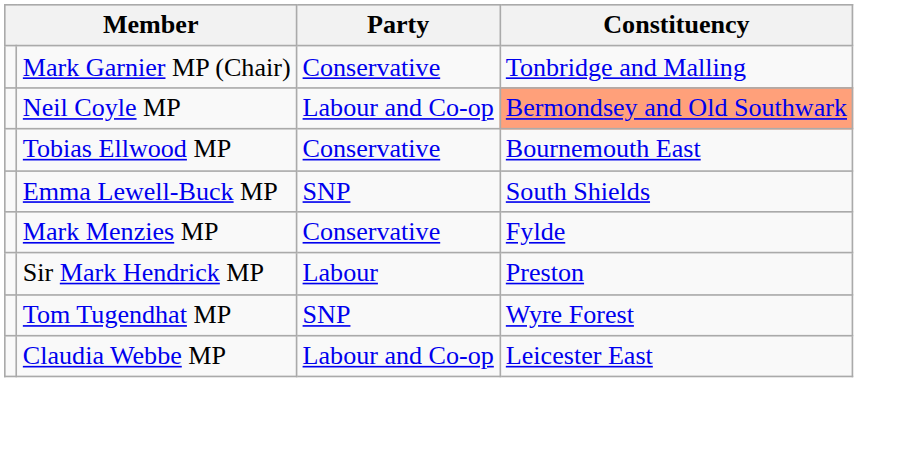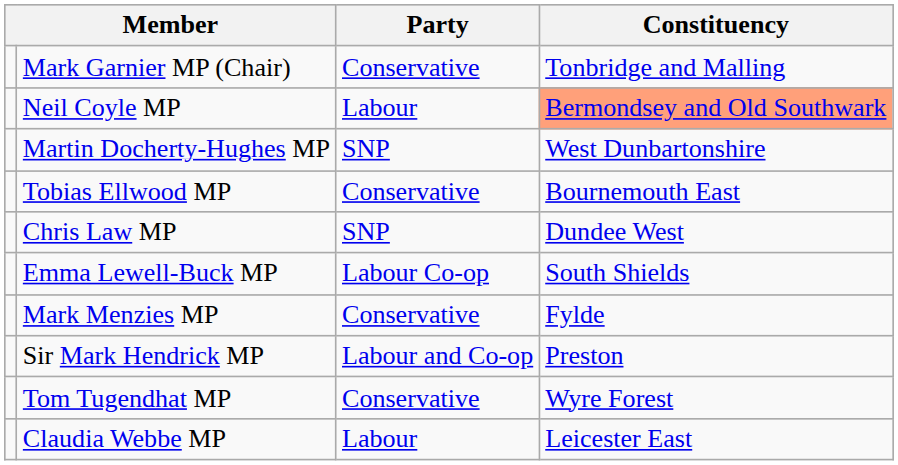 <table class="wikitable">
 <tr>
 <th colspan="2" valign="top">Member</th>
 <th valign="top">Party</th>
 <th valign="top">Constituency</th>
 </tr>
 <tr>
 <td style="color:inherit;background:"></td>
 <td><a href='#'>Mark Garnier</a> MP (Chair)</td>
 <td><a href='#'>Conservative</a></td>
 <td><a href='#'>Tonbridge and Malling</a></td>
 </tr>
 <tr>
 <td style="color:inherit;background:"></td>
 <td><a href='#'>Neil Coyle</a> MP</td>
-<td><a href='#'>Labour and Co-op</a></td>
+<td><a href='#'>Labour</a></td>
 <td style="background: lightsalmon;"><a href='#'>Bermondsey and Old Southwark</a></td>
+</tr>
+<tr>
+<td style="color:inherit;background:"></td>
+<td><a href='#'>Martin Docherty-Hughes</a> MP</td>
+<td><a href='#'>SNP</a></td>
+<td><a href='#'>West Dunbartonshire</a></td>
 </tr>
 <tr>
 <td style="color:inherit;background:"></td>
 <td><a href='#'>Tobias Ellwood</a> MP</td>
 <td><a href='#'>Conservative</a></td>
 <td><a href='#'>Bournemouth East</a></td>
 </tr>
 <tr>
 <td style="color:inherit;background:"></td>
+<td><a href='#'>Chris Law</a> MP</td>
+<td><a href='#'>SNP</a></td>
+<td><a href='#'>Dundee West</a></td>
+</tr>
+<tr>
+<td style="color:inherit;background:"></td>
 <td><a href='#'>Emma Lewell-Buck</a> MP</td>
-<td><a href='#'>SNP</a></td>
+<td><a href='#'>Labour Co-op</a></td>
 <td><a href='#'>South Shields</a></td>
 </tr>
 <tr>
 <td style="color:inherit;background:"></td>
 <td><a href='#'>Mark Menzies</a> MP</td>
 <td><a href='#'>Conservative</a></td>
 <td><a href='#'>Fylde</a></td>
 </tr>
 <tr>
 <td style="color:inherit;background:"></td>
 <td>Sir <a href='#'>Mark Hendrick</a> MP</td>
-<td><a href='#'>Labour</a></td>
+<td><a href='#'>Labour and Co-op</a></td>
 <td><a href='#'>Preston</a></td>
 </tr>
 <tr>
 <td style="color:inherit;background:"></td>
 <td><a href='#'>Tom Tugendhat</a> MP</td>
-<td><a href='#'>SNP</a></td>
+<td><a href='#'>Conservative</a></td>
 <td><a href='#'>Wyre Forest</a></td>
 </tr>
 <tr>
 <td style="color:inherit;background:"></td>
 <td><a href='#'>Claudia Webbe</a> MP</td>
-<td><a href='#'>Labour and Co-op</a></td>
+<td><a href='#'>Labour</a></td>
 <td><a href='#'>Leicester East</a></td>
 </tr>
 </table>
